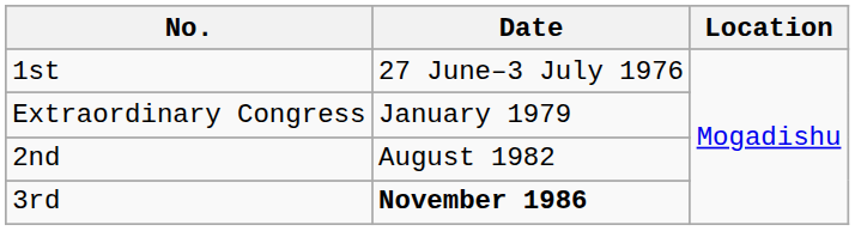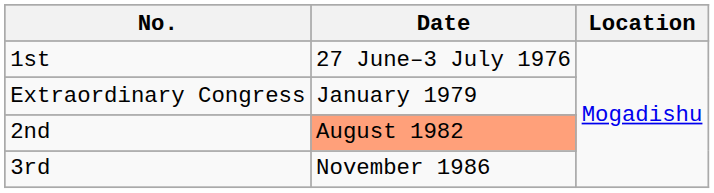 <table class="wikitable">
 <tr>
 <th>No.</th>
 <th>Date</th>
 <th>Location</th>
 </tr>
 <tr>
 <td>1st</td>
 <td>27 June–3 July 1976</td>
 <td rowspan=4><a href='#'>Mogadishu</a></td>
 </tr>
 <tr>
 <td>Extraordinary Congress</td>
 <td>January 1979</td>
 </tr>
 <tr>
 <td>2nd</td>
-<td>August 1982</td>
+<td style="background: lightsalmon;">August 1982</td>
 </tr>
 <tr>
 <td>3rd</td>
-<td><strong>November 1986</strong></td>
+<td>November 1986</td>
 </tr>
 </table>
